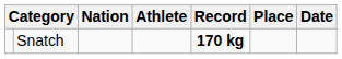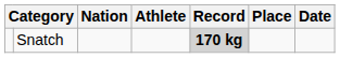 <table class="wikitable" style="text-align:center;">
 <tr>
 <th colspan="2">Category</th>
 <th>Nation</th>
 <th>Athlete</th>
 <th>Record</th>
 <th>Place</th>
 <th>Date</th>
 </tr>
 <tr>
 <td><strong></strong></td>
 <td align="left">Snatch</td>
 <td align="left"></td>
 <td align="left"></td>
-<td><strong>170 kg</strong></td>
+<td style="background: lightgrey;"><strong>170 kg</strong></td>
 <td align="left"></td>
 <td align="left"></td>
 </tr>
 </table>
